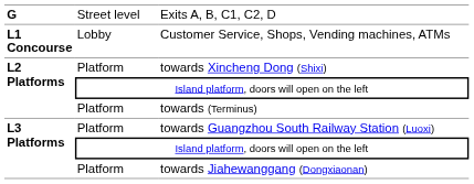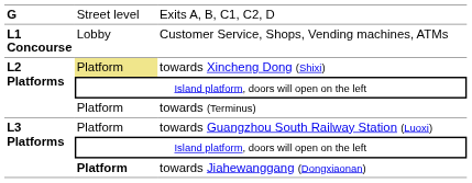 <table table border=0 cellspacing=0 cellpadding=3>
 <tr>
 <td style="border-top:solid 1px gray;" width=50 valign=top><strong>G</strong></td>
 <td style="border-top:solid 1px gray;" width=100 valign=top>Street level</td>
 <td style="border-top:solid 1px gray;" width=390 valign=top>Exits A, B, C1, C2, D</td>
 </tr>
 <tr>
 <td style="border-bottom:solid 1px gray; border-top:solid 1px gray;" valign=top width=50><strong>L1<br>Concourse</strong></td>
 <td style="border-bottom:solid 1px gray; border-top:solid 1px gray;" valign=top width=100>Lobby</td>
 <td style="border-bottom:solid 1px gray; border-top:solid 1px gray;" valign=top width=390>Customer Service, Shops, Vending machines, ATMs</td>
 </tr>
 <tr>
 <td style="border-bottom:solid 1px gray;" rowspan=3 valign=top><strong>L2<br>Platforms</strong></td>
-<td>Platform </td>
+<td style="background: khaki;">Platform </td>
 <td>  towards <a href='#'>Xincheng Dong</a> <small>(<a href='#'>Shixi</a>)</small></td>
 </tr>
 <tr>
 <td style="border-right:solid 2px black;border-left:solid 2px black;border-top:solid 2px black;border-bottom:solid 2px black;text-align:center;" colspan=2><small><a href='#'>Island platform</a>, doors will open on the left</small></td>
 </tr>
 <tr>
 <td style="border-bottom:solid 1px gray;">Platform </td>
 <td style="border-bottom:solid 1px gray;"> towards  <small>(Terminus)</small> </td>
 </tr>
 <tr>
 <td style="border-bottom:solid 1px gray;" rowspan=3 valign=top><strong>L3<br>Platforms</strong></td>
 <td>Platform </td>
 <td>  towards <a href='#'>Guangzhou South Railway Station</a> <small>(<a href='#'>Luoxi</a>)</small></td>
 </tr>
 <tr>
 <td style="border-right:solid 2px black;border-left:solid 2px black;border-top:solid 2px black;border-bottom:solid 2px black;text-align:center;" colspan=2><small><a href='#'>Island platform</a>, doors will open on the left</small></td>
 </tr>
 <tr>
-<td style="border-bottom:solid 1px gray;">Platform </td>
+<td style="border-bottom:solid 1px gray;"><strong>Platform </strong></td>
 <td style="border-bottom:solid 1px gray;"> towards <a href='#'>Jiahewanggang</a> <small>(<a href='#'>Dongxiaonan</a>)</small> </td>
 </tr>
 </table>
